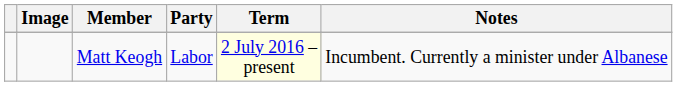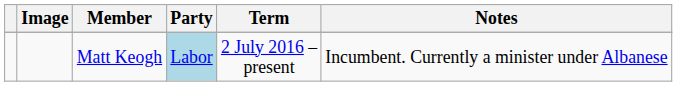 <table class=wikitable style="text-align:center">
 <tr>
 <th></th>
 <th>Image</th>
 <th>Member</th>
 <th>Party</th>
 <th>Term</th>
 <th>Notes</th>
 </tr>
 <tr>
 </tr>
 <tr>
 <td> </td>
 <td></td>
 <td><a href='#'>Matt Keogh</a><br></td>
-<td><a href='#'>Labor</a></td>
-<td nowrap style="background: lightyellow;"><a href='#'>2 July 2016</a> –<br>present</td>
+<td style="background: lightblue;"><a href='#'>Labor</a></td>
+<td nowrap><a href='#'>2 July 2016</a> –<br>present</td>
 <td>Incumbent. Currently a minister under <a href='#'>Albanese</a></td>
 </tr>
 </table>
